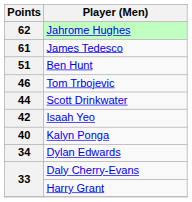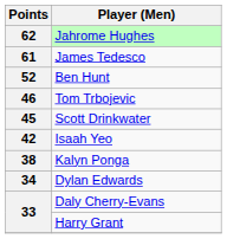 <table class="wikitable" style="text-align:left;">
 <tr>
 <th width="50">Points</th>
 <th width="200">Player (Men)</th>
 </tr>
 <tr>
 <th>62</th>
 <td style="background:#C0FFC0"> <a href='#'>Jahrome Hughes</a></td>
 </tr>
 <tr>
 <th>61</th>
 <td> <a href='#'>James Tedesco</a></td>
 </tr>
 <tr>
-<th>51</th>
+<th>52</th>
 <td> <a href='#'>Ben Hunt</a></td>
 </tr>
 <tr>
 <th>46</th>
 <td> <a href='#'>Tom Trbojevic</a></td>
 </tr>
 <tr>
-<th>44</th>
+<th>45</th>
 <td> <a href='#'>Scott Drinkwater</a></td>
 </tr>
 <tr>
 <th>42</th>
 <td> <a href='#'>Isaah Yeo</a></td>
 </tr>
 <tr>
-<th>40</th>
+<th>38</th>
 <td> <a href='#'>Kalyn Ponga</a></td>
 </tr>
 <tr>
 <th>34</th>
 <td> <a href='#'>Dylan Edwards</a></td>
 </tr>
 <tr>
 <th rowspan="2">33</th>
 <td> <a href='#'>Daly Cherry-Evans</a></td>
 </tr>
 <tr>
 <td> <a href='#'>Harry Grant</a></td>
 </tr>
 <tr>
 </tr>
 </table>
